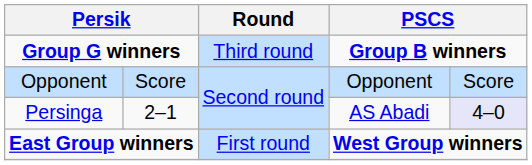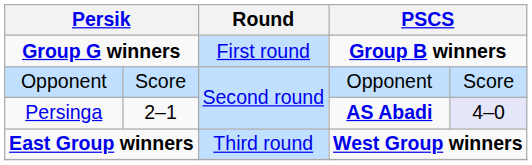 <table class="wikitable" style="text-align:center">
 <tr>
 <th colspan=2><a href='#'>Persik</a></th>
 <th>Round</th>
 <th colspan=2><a href='#'>PSCS</a></th>
 </tr>
 <tr>
 <td colspan=2 valign=top><strong><a href='#'>Group G</a> winners</strong><br></td>
-<td style="background:#c1e0ff"><a href='#'>Third round</a></td>
+<td style="background:#c1e0ff"><a href='#'>First round</a></td>
 <td colspan=2 valign=top><strong><a href='#'>Group B</a> winners</strong><br></td>
 </tr>
 <tr style="background:#c1e0ff">
 <td>Opponent</td>
 <td>Score</td>
 <td rowspan=2><a href='#'>Second round</a></td>
 <td>Opponent</td>
 <td>Score</td>
 </tr>
 <tr>
 <td><a href='#'>Persinga</a></td>
 <td>2–1</td>
-<td><a href='#'>AS Abadi</a></td>
+<td><strong><a href='#'>AS Abadi</a></strong></td>
 <td style="background: lavender;">4–0</td>
 </tr>
 <tr>
 <td colspan=2 valign=top><strong><a href='#'>East Group</a> winners</strong><br></td>
-<td style="background:#c1e0ff"><a href='#'>First round</a></td>
+<td style="background:#c1e0ff"><a href='#'>Third round</a></td>
 <td colspan=2 valign=top><strong><a href='#'>West Group</a> winners</strong><br></td>
 </tr>
 <tr>
 </tr>
 </table>
